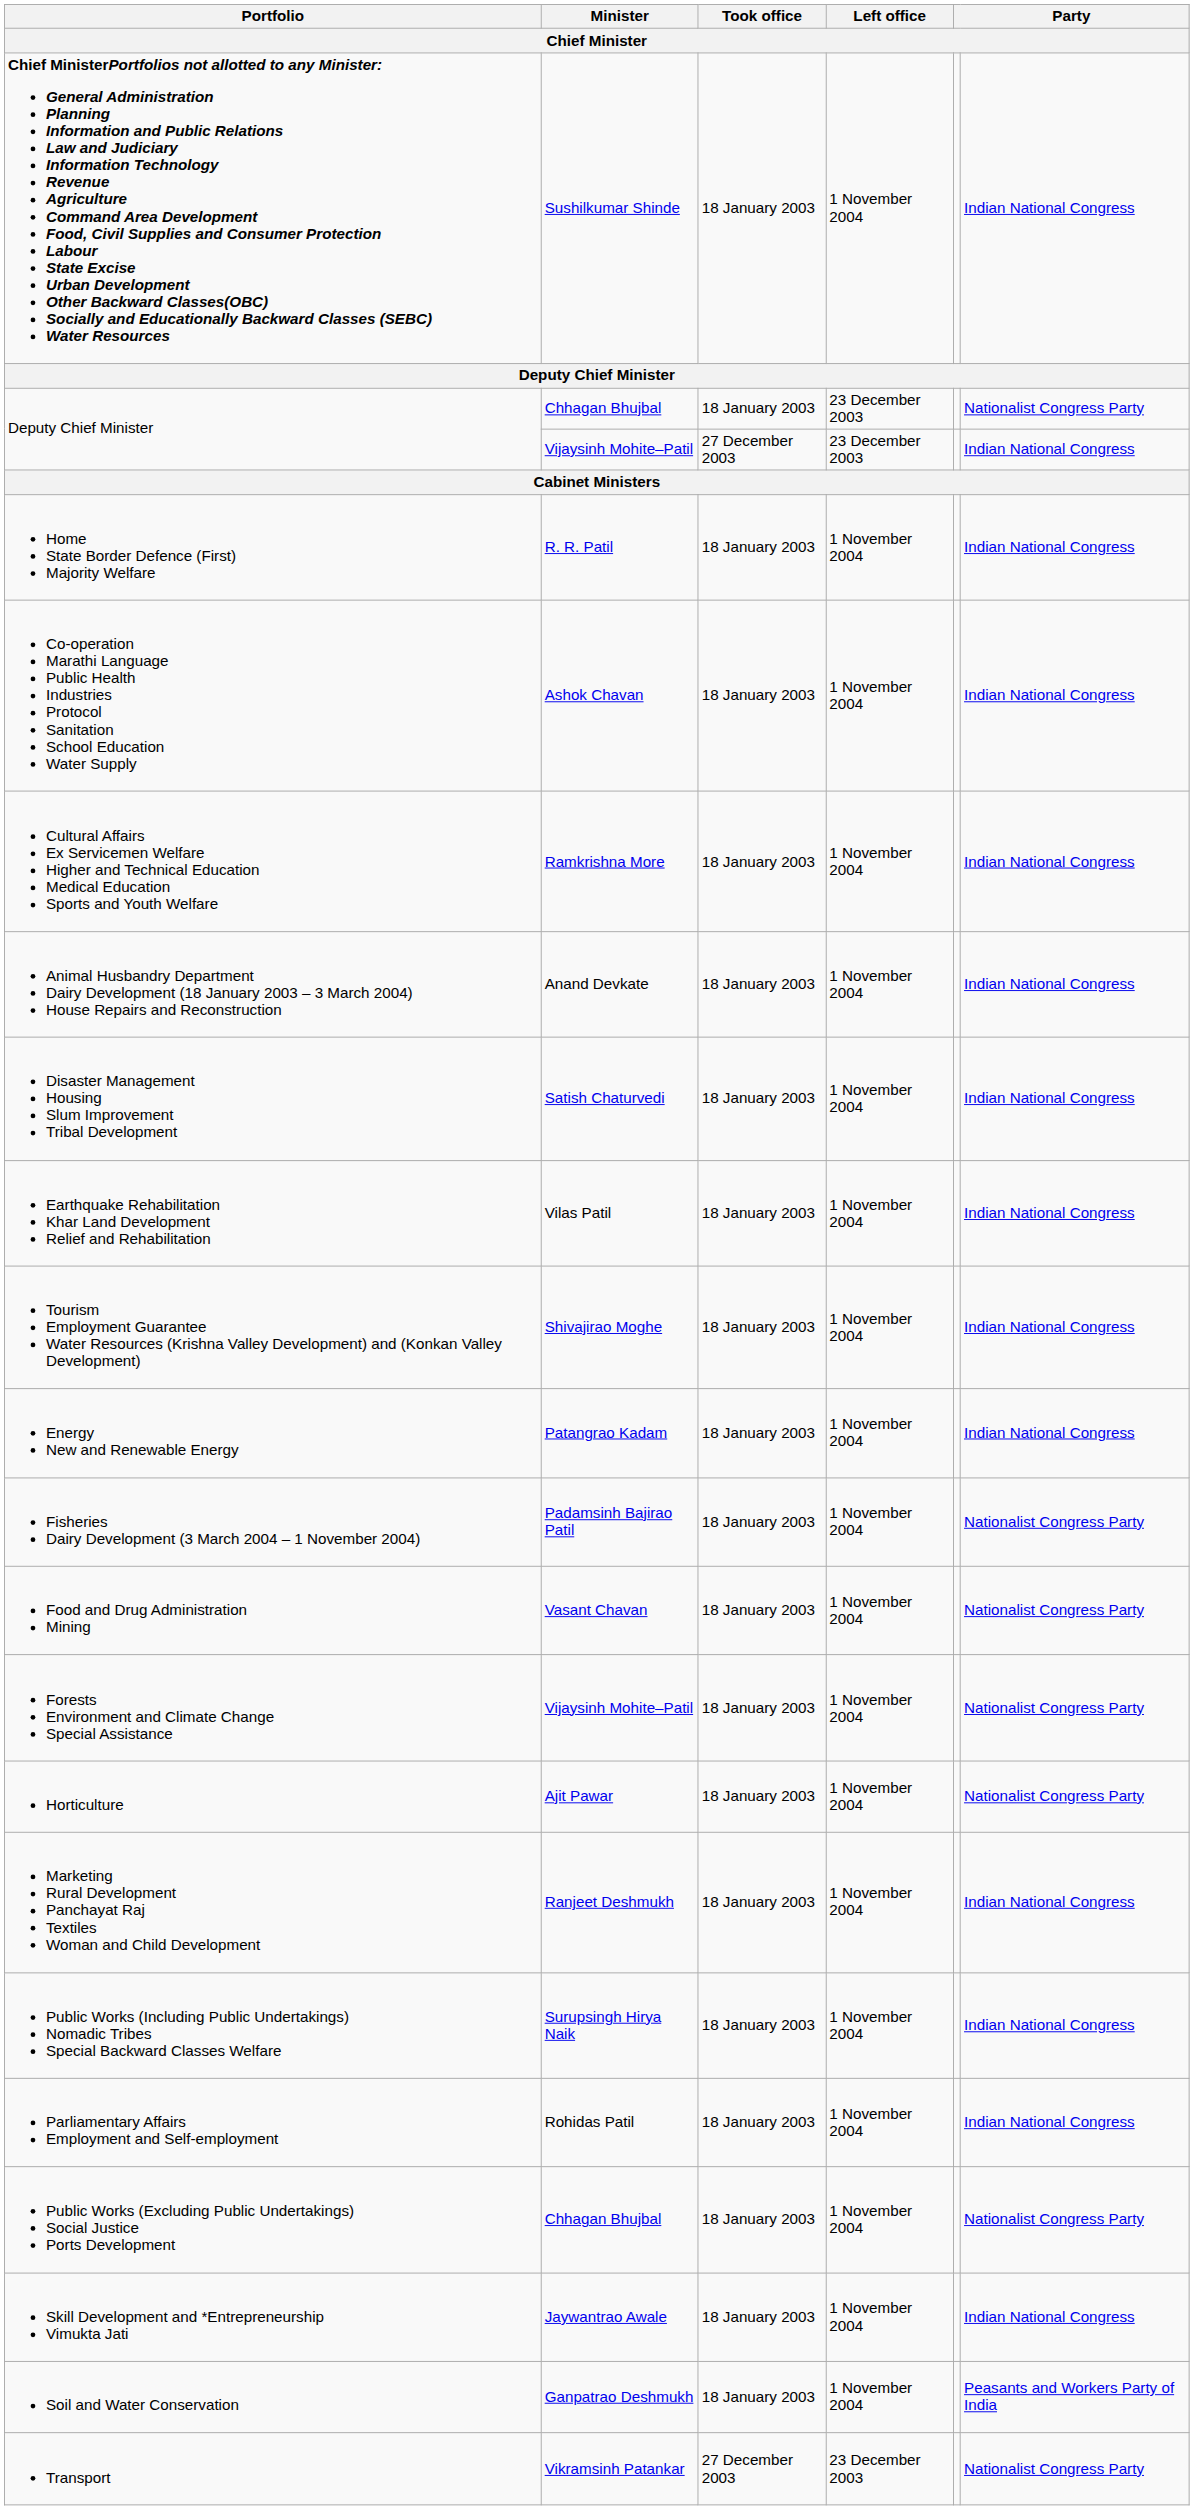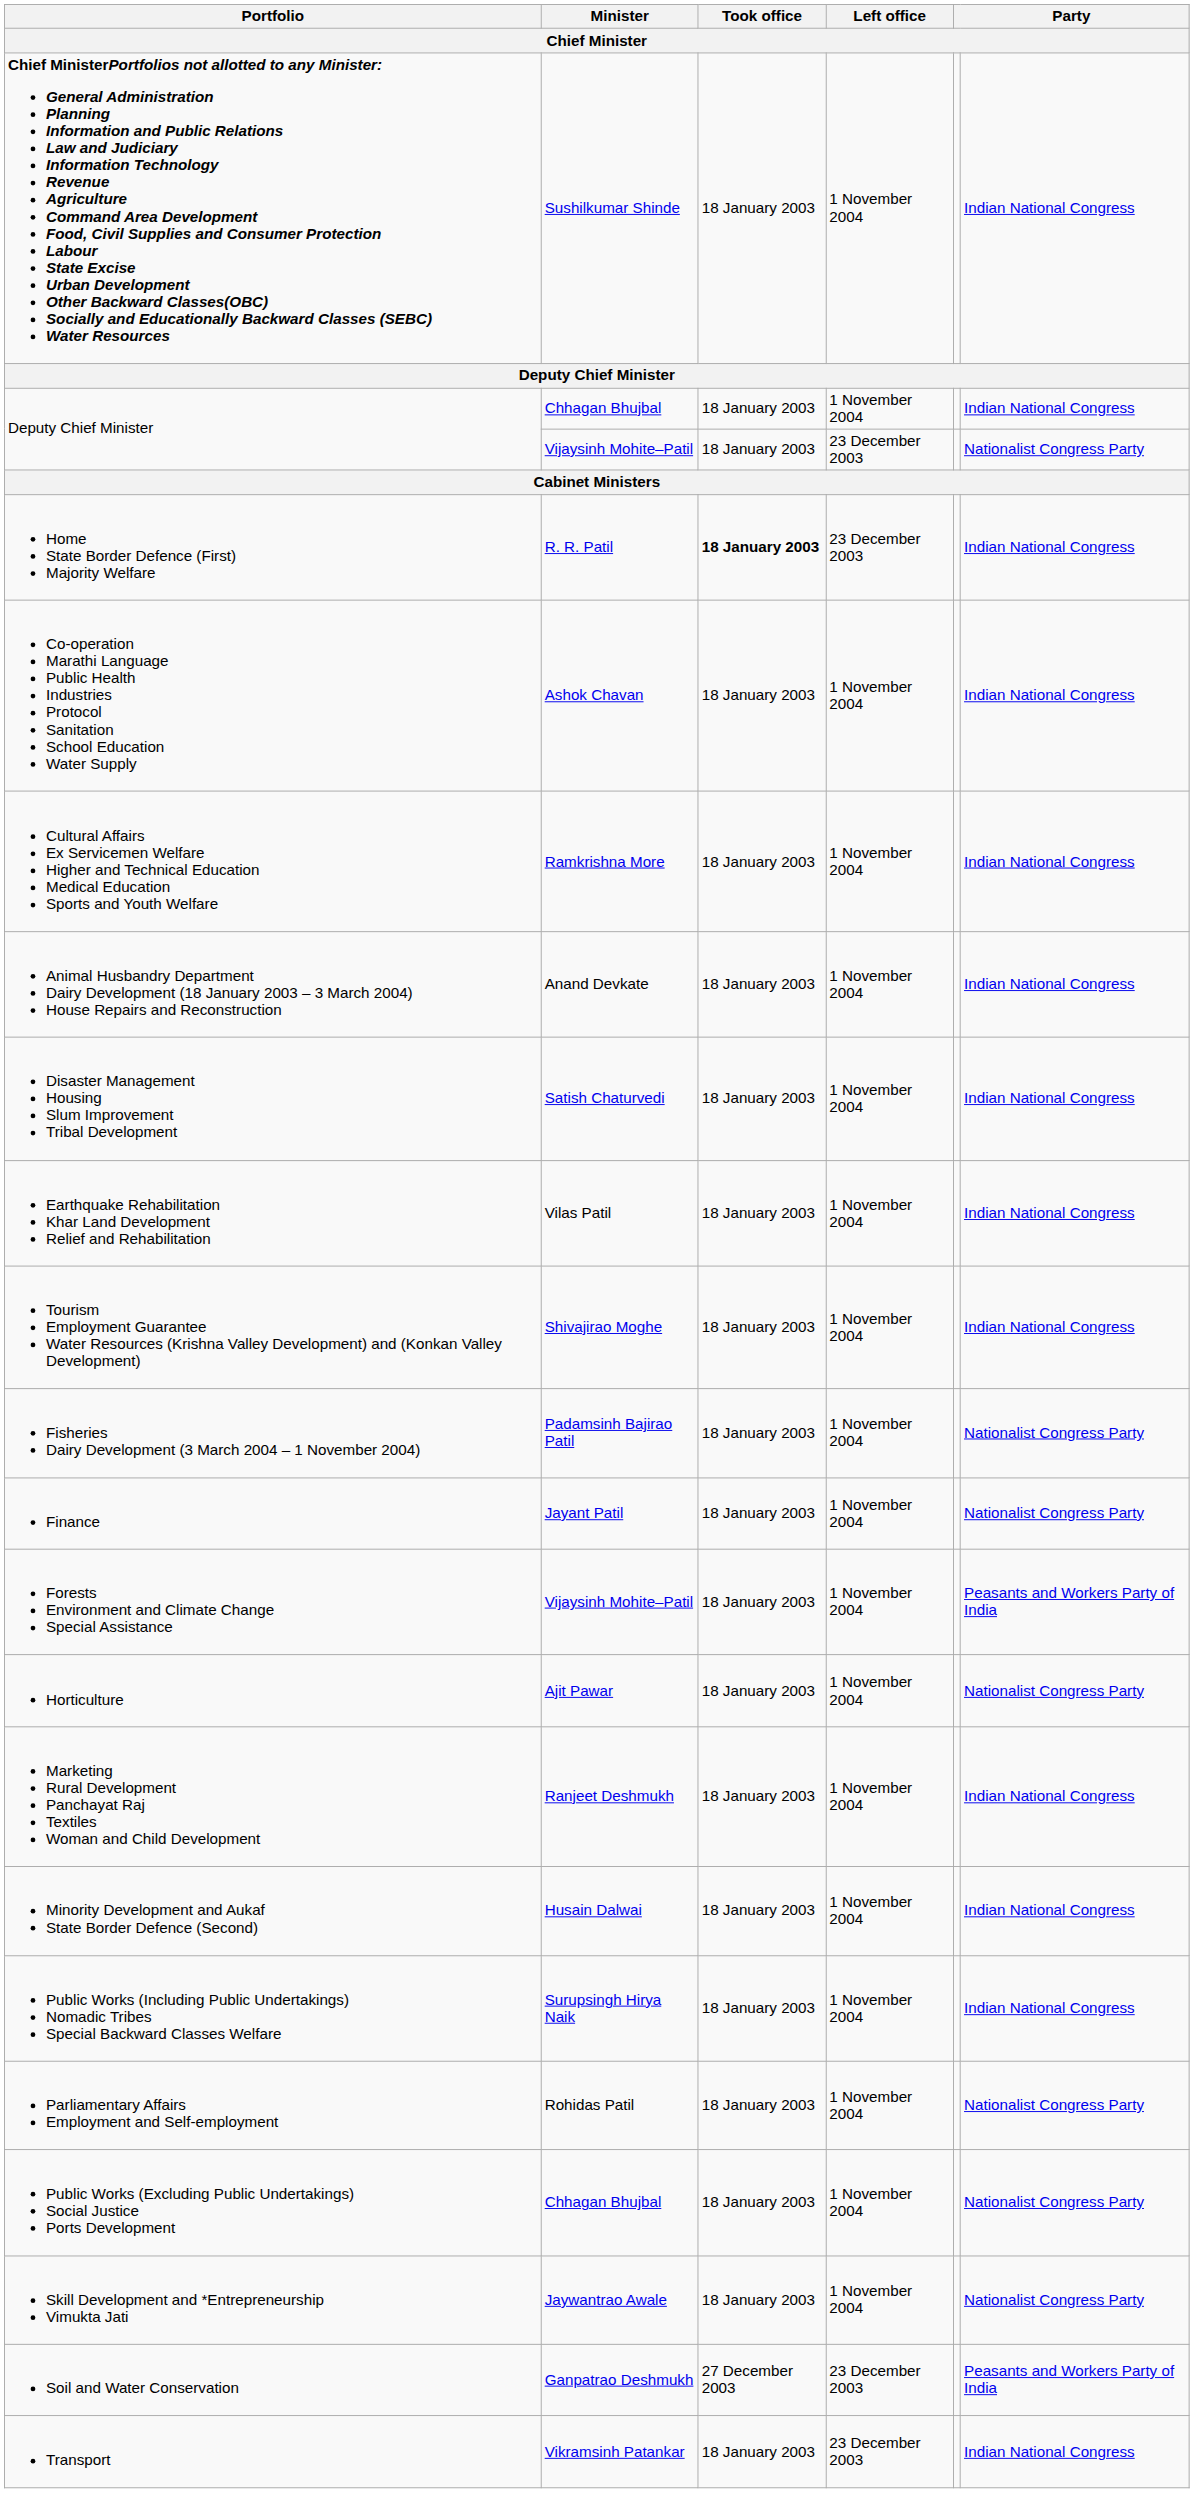 <table class="wikitable">
 <tr>
 <th>Portfolio</th>
 <th>Minister</th>
 <th>Took office</th>
 <th>Left office</th>
 <th colspan="2">Party</th>
 </tr>
 <tr>
 <th colspan="6">Chief Minister</th>
 </tr>
 <tr>
 <td><strong>Chief Minister<strong><em>Portfolios not allotted to any Minister:<em><br><ul><li>General Administration</li><li>Planning</li><li>Information and Public Relations</li><li>Law and Judiciary</li><li>Information Technology</li><li>Revenue</li><li>Agriculture</li><li>Command Area Development</li><li>Food, Civil Supplies and Consumer Protection</li><li>Labour</li><li>State Excise</li><li>Urban Development</li><li>Other Backward Classes(OBC)</li><li>Socially and Educationally Backward Classes (SEBC)</li><li>Water Resources</li></ul></td>
 <td></em></strong><a href='#'>Sushilkumar Shinde</a><strong><em></td>
 <td>18 January 2003</td>
 <td>1 November 2004</td>
 <td style="background-color: "></td>
 <td><a href='#'>Indian National Congress</a></td>
 </tr>
 <tr>
 <th colspan="6">Deputy Chief Minister</th>
 </tr>
 <tr>
 <td rowspan="2"></strong>Deputy Chief Minister<strong></td>
 <td></strong><a href='#'>Chhagan Bhujbal</a><strong></td>
 <td>18 January 2003</td>
+<td>1 November 2004</td>
+<td style="background-color: "></td>
+<td><a href='#'>Indian National Congress</a></td>
+</tr>
+<tr>
+<td></strong><a href='#'>Vijaysinh Mohite–Patil</a><strong></td>
+<td>18 January 2003</td>
 <td>23 December 2003</td>
 <td style="background-color: "></td>
 <td><a href='#'>Nationalist Congress Party</a></td>
-</tr>
-<tr>
-<td></strong><a href='#'>Vijaysinh Mohite–Patil</a><strong></td>
-<td>27 December 2003</td>
-<td>23 December 2003</td>
-<td style="background-color: "></td>
-<td><a href='#'>Indian National Congress</a></td>
 </tr>
 <tr>
 <th colspan="6">Cabinet Ministers</th>
 </tr>
 <tr>
 <td><br><ul><li>Home</li><li>State Border Defence (First)</li><li>Majority Welfare</li></ul></td>
 <td></strong><a href='#'>R. R. Patil</a><strong></td>
-<td>18 January 2003</td>
-<td>1 November 2004</td>
+<td><strong>18 January 2003</strong></td>
+<td>23 December 2003</td>
 <td style="background-color: "></td>
 <td><a href='#'>Indian National Congress</a></td>
 </tr>
 <tr>
 <td><br><ul><li>Co-operation</li><li>Marathi Language</li><li>Public Health</li><li>Industries</li><li>Protocol</li><li>Sanitation</li><li>School Education</li><li>Water Supply</li></ul></td>
 <td></strong><a href='#'>Ashok Chavan</a><strong></td>
 <td>18 January 2003</td>
 <td>1 November 2004</td>
 <td style="background-color: "></td>
 <td><a href='#'>Indian National Congress</a></td>
 </tr>
 <tr>
 <td><br><ul><li>Cultural Affairs</li><li>Ex Servicemen Welfare</li><li>Higher and Technical Education</li><li>Medical Education</li><li>Sports and Youth Welfare</li></ul></td>
 <td></strong><a href='#'>Ramkrishna More</a><strong></td>
 <td>18 January 2003</td>
 <td>1 November 2004</td>
 <td style="background-color: "></td>
 <td><a href='#'>Indian National Congress</a></td>
 </tr>
 <tr>
 <td><br><ul><li>Animal Husbandry Department</li><li>Dairy Development (18 January 2003 – 3 March 2004)</li><li>House Repairs and Reconstruction</li></ul></td>
 <td></strong>Anand Devkate<strong></td>
 <td>18 January 2003</td>
 <td>1 November 2004</td>
 <td style="background-color: "></td>
 <td><a href='#'>Indian National Congress</a></td>
 </tr>
 <tr>
 <td><br><ul><li>Disaster Management</li><li>Housing</li><li>Slum Improvement</li><li>Tribal Development</li></ul></td>
 <td></strong><a href='#'>Satish Chaturvedi</a><strong></td>
 <td>18 January 2003</td>
 <td>1 November 2004</td>
 <td style="background-color: "></td>
 <td><a href='#'>Indian National Congress</a></td>
 </tr>
 <tr>
 <td><br><ul><li>Earthquake Rehabilitation</li><li>Khar Land Development</li><li>Relief and Rehabilitation</li></ul></td>
 <td></strong>Vilas Patil<strong></td>
 <td>18 January 2003</td>
 <td>1 November 2004</td>
 <td style="background-color: "></td>
 <td><a href='#'>Indian National Congress</a></td>
 </tr>
 <tr>
 <td><br><ul><li>Tourism</li><li>Employment Guarantee</li><li>Water Resources (Krishna Valley Development) and (Konkan Valley Development)</li></ul></td>
 <td></strong><a href='#'>Shivajirao Moghe</a><strong></td>
 <td>18 January 2003</td>
 <td>1 November 2004</td>
 <td style="background-color: "></td>
 <td><a href='#'>Indian National Congress</a></td>
 </tr>
 <tr>
-<td><br><ul><li>Energy</li><li>New and Renewable Energy</li></ul></td>
-<td></strong><a href='#'>Patangrao Kadam</a><strong></td>
-<td>18 January 2003</td>
-<td>1 November 2004</td>
-<td style="background-color: "></td>
-<td><a href='#'>Indian National Congress</a></td>
-</tr>
-<tr>
 <td><br><ul><li>Fisheries</li><li>Dairy Development (3 March 2004 – 1 November 2004)</li></ul></td>
 <td></strong><a href='#'>Padamsinh Bajirao Patil</a><strong></td>
 <td>18 January 2003</td>
 <td>1 November 2004</td>
 <td style="background-color: "></td>
 <td><a href='#'>Nationalist Congress Party</a></td>
 </tr>
 <tr>
-<td><br><ul><li>Food and Drug Administration</li><li>Mining</li></ul></td>
-<td></strong><a href='#'>Vasant Chavan</a><strong></td>
+<td><br><ul><li>Finance</li></ul></td>
+<td></strong><a href='#'>Jayant Patil</a><strong></td>
 <td>18 January 2003</td>
 <td>1 November 2004</td>
 <td style="background-color: "></td>
 <td><a href='#'>Nationalist Congress Party</a></td>
 </tr>
 <tr>
 <td><br><ul><li>Forests</li><li>Environment and Climate Change</li><li>Special Assistance</li></ul></td>
 <td></strong><a href='#'>Vijaysinh Mohite–Patil</a><strong></td>
 <td>18 January 2003</td>
 <td>1 November 2004</td>
 <td style="background-color: "></td>
-<td><a href='#'>Nationalist Congress Party</a></td>
+<td><a href='#'>Peasants and Workers Party of India</a></td>
 </tr>
 <tr>
 <td><br><ul><li>Horticulture</li></ul></td>
 <td></strong><a href='#'>Ajit Pawar</a><strong></td>
 <td>18 January 2003</td>
 <td>1 November 2004</td>
 <td style="background-color: "></td>
 <td><a href='#'>Nationalist Congress Party</a></td>
 </tr>
 <tr>
 <td><br><ul><li>Marketing</li><li>Rural Development</li><li>Panchayat Raj</li><li>Textiles</li><li>Woman and Child Development</li></ul></td>
 <td></strong><a href='#'>Ranjeet Deshmukh</a><strong></td>
+<td>18 January 2003</td>
+<td>1 November 2004</td>
+<td style="background-color: "></td>
+<td><a href='#'>Indian National Congress</a></td>
+</tr>
+<tr>
+<td><br><ul><li>Minority Development and Aukaf</li><li>State Border Defence (Second)</li></ul></td>
+<td></strong><a href='#'>Husain Dalwai</a><strong></td>
 <td>18 January 2003</td>
 <td>1 November 2004</td>
 <td style="background-color: "></td>
 <td><a href='#'>Indian National Congress</a></td>
 </tr>
 <tr>
 <td><br><ul><li>Public Works (Including Public Undertakings)</li><li>Nomadic Tribes</li><li>Special Backward Classes Welfare</li></ul></td>
 <td></strong><a href='#'>Surupsingh Hirya Naik</a><strong></td>
 <td>18 January 2003</td>
 <td>1 November 2004</td>
 <td style="background-color: "></td>
 <td><a href='#'>Indian National Congress</a></td>
 </tr>
 <tr>
 <td><br><ul><li>Parliamentary Affairs</li><li>Employment and Self-employment</li></ul></td>
 <td></strong>Rohidas Patil<strong></td>
 <td>18 January 2003</td>
 <td>1 November 2004</td>
 <td style="background-color: "></td>
-<td><a href='#'>Indian National Congress</a></td>
+<td><a href='#'>Nationalist Congress Party</a></td>
 </tr>
 <tr>
 <td><br><ul><li>Public Works (Excluding Public Undertakings)</li><li>Social Justice</li><li>Ports Development</li></ul></td>
 <td></strong><a href='#'>Chhagan Bhujbal</a><strong></td>
 <td>18 January 2003</td>
 <td>1 November 2004</td>
 <td style="background-color: "></td>
 <td><a href='#'>Nationalist Congress Party</a></td>
 </tr>
 <tr>
 <td><br><ul><li>Skill Development and *Entrepreneurship</li><li>Vimukta Jati</li></ul></td>
 <td></strong><a href='#'>Jaywantrao Awale</a><strong></td>
 <td>18 January 2003</td>
 <td>1 November 2004</td>
 <td style="background-color: "></td>
-<td><a href='#'>Indian National Congress</a></td>
+<td><a href='#'>Nationalist Congress Party</a></td>
 </tr>
 <tr>
 <td><br><ul><li>Soil and Water Conservation</li></ul></td>
 <td></strong><a href='#'>Ganpatrao Deshmukh</a><strong></td>
-<td>18 January 2003</td>
-<td>1 November 2004</td>
+<td>27 December 2003</td>
+<td>23 December 2003</td>
 <td></td>
 <td><a href='#'>Peasants and Workers Party of India</a></td>
 </tr>
 <tr>
 <td><br><ul><li>Transport</li></ul></td>
 <td></strong><a href='#'>Vikramsinh Patankar</a><strong></td>
-<td>27 December 2003</td>
+<td>18 January 2003</td>
 <td>23 December 2003</td>
 <td style="background-color: "></td>
-<td><a href='#'>Nationalist Congress Party</a></td>
+<td><a href='#'>Indian National Congress</a></td>
 </tr>
 </table>
